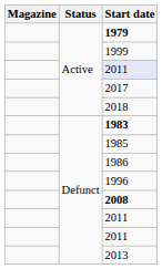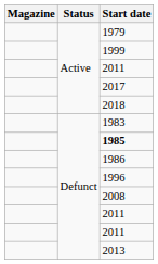 <table class="wikitable sortable">
 <tr>
 <th>Magazine</th>
 <th>Status</th>
 <th>Start date</th>
 </tr>
 <tr>
 <td></td>
 <td rowspan="5">Active</td>
-<td><strong>1979</strong></td>
+<td>1979</td>
 </tr>
 <tr>
 <td></td>
 <td>1999</td>
 </tr>
 <tr>
 <td></td>
-<td style="background: lavender;">2011</td>
+<td>2011</td>
 </tr>
 <tr>
 <td></td>
 <td>2017</td>
 </tr>
 <tr>
 <td></td>
 <td>2018</td>
 </tr>
 <tr>
 <td></td>
 <td rowspan="8">Defunct</td>
-<td><strong>1983</strong></td>
+<td>1983</td>
 </tr>
 <tr>
 <td></td>
-<td>1985</td>
+<td><strong>1985</strong></td>
 </tr>
 <tr>
 <td></td>
 <td>1986</td>
 </tr>
 <tr>
 <td></td>
 <td>1996</td>
 </tr>
 <tr>
 <td></td>
-<td><strong>2008</strong></td>
+<td>2008</td>
 </tr>
 <tr>
 <td></td>
 <td>2011</td>
 </tr>
 <tr>
 <td></td>
 <td>2011</td>
 </tr>
 <tr>
 <td></td>
 <td>2013</td>
 </tr>
 </table>
